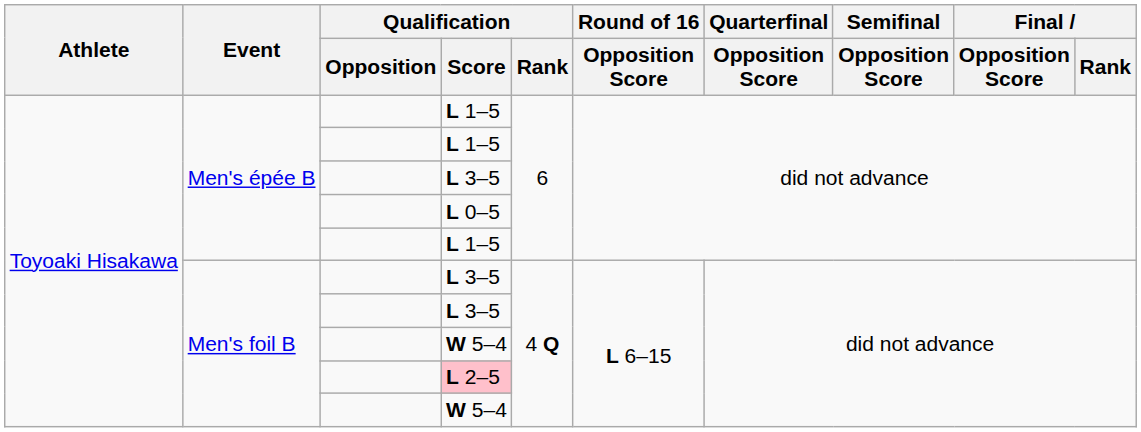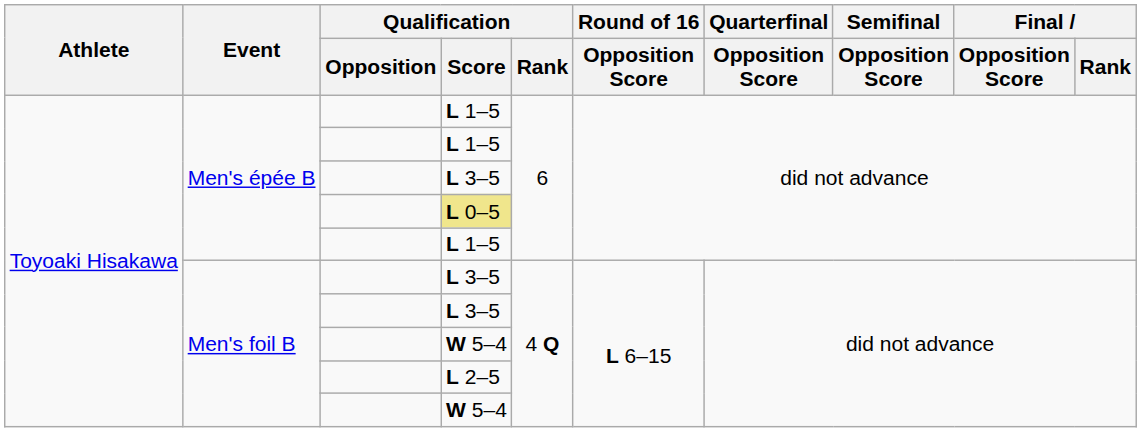 <table class=wikitable style="font-size:90%">
 <tr>
 <th rowspan="2">Athlete</th>
 <th rowspan="2">Event</th>
 <th colspan="3">Qualification</th>
 <th>Round of 16</th>
 <th>Quarterfinal</th>
 <th>Semifinal</th>
 <th colspan="2">Final / </th>
 </tr>
 <tr>
 <th>Opposition</th>
 <th>Score</th>
 <th>Rank</th>
 <th>Opposition<br>Score</th>
 <th>Opposition<br>Score</th>
 <th>Opposition<br>Score</th>
 <th>Opposition<br>Score</th>
 <th>Rank</th>
 </tr>
 <tr>
 <td rowspan=10><a href='#'>Toyoaki Hisakawa</a></td>
 <td rowspan=5><a href='#'>Men's épée B</a></td>
 <td></td>
 <td><strong>L</strong> 1–5</td>
 <td align="center" rowspan=5>6</td>
 <td align="center" rowspan=5 colspan=5>did not advance</td>
 </tr>
 <tr>
 <td></td>
 <td><strong>L</strong> 1–5</td>
 </tr>
 <tr>
 <td></td>
 <td><strong>L</strong> 3–5</td>
 </tr>
 <tr>
 <td></td>
-<td><strong>L</strong> 0–5</td>
+<td style="background: khaki;"><strong>L</strong> 0–5</td>
 </tr>
 <tr>
 <td></td>
 <td><strong>L</strong> 1–5</td>
 </tr>
 <tr>
 <td rowspan=5><a href='#'>Men's foil B</a></td>
 <td></td>
 <td><strong>L</strong> 3–5</td>
 <td align="center" rowspan=5>4 <strong>Q</strong></td>
 <td align="center" rowspan=5><br> <strong>L</strong> 6–15</td>
 <td align="center" rowspan=5 colspan=4>did not advance</td>
 </tr>
 <tr>
 <td></td>
 <td><strong>L</strong> 3–5</td>
 </tr>
 <tr>
 <td></td>
 <td><strong>W</strong> 5–4</td>
 </tr>
 <tr>
 <td></td>
-<td style="background: pink;"><strong>L</strong> 2–5</td>
+<td><strong>L</strong> 2–5</td>
 </tr>
 <tr>
 <td></td>
 <td><strong>W</strong> 5–4</td>
 </tr>
 </table>
